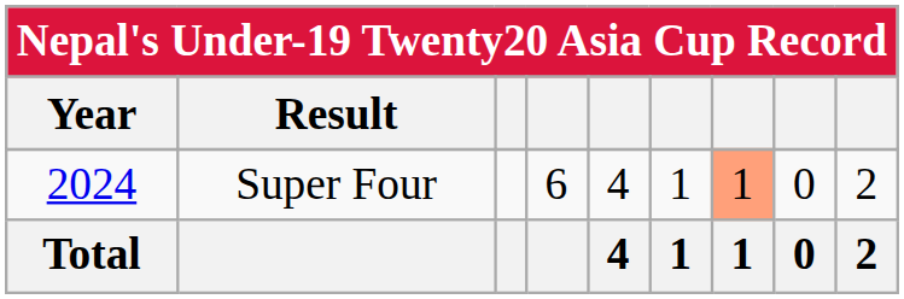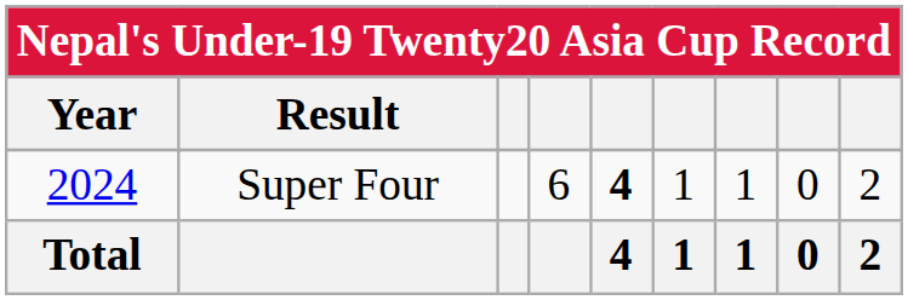 <table class="wikitable" style="text-align:center">
 <tr>
 <th style="color:white; background:#DC143C;" colspan=9>Nepal's  Under-19 Twenty20 Asia Cup Record</th>
 </tr>
 <tr>
 <th>Year</th>
 <th>Result</th>
 <th></th>
 <th></th>
 <th></th>
 <th></th>
 <th></th>
 <th></th>
 <th></th>
 </tr>
 <tr bgcolor=pink>
 </tr>
 <tr>
 <td> <a href='#'>2024</a></td>
 <td>Super Four</td>
 <td></td>
 <td>6</td>
-<td>4</td>
+<td><strong>4</strong></td>
 <td>1</td>
-<td style="background: lightsalmon;">1</td>
+<td>1</td>
 <td>0</td>
 <td>2</td>
 </tr>
 <tr>
 <th>Total</th>
 <th></th>
 <th></th>
 <th></th>
 <th>4</th>
 <th>1</th>
 <th>1</th>
 <th>0</th>
 <th>2</th>
 </tr>
 </table>
